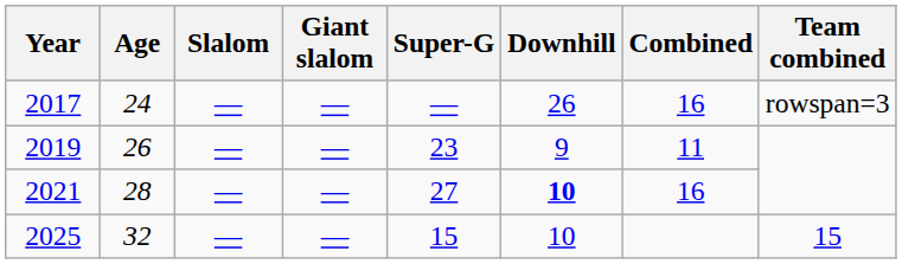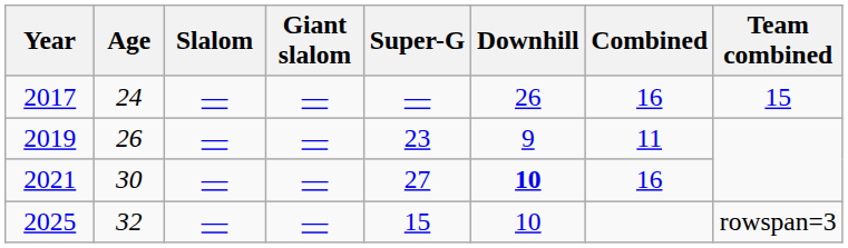 <table class=wikitable style="text-align:center">
 <tr>
 <th>  Year  </th>
 <th> Age </th>
 <th> Slalom </th>
 <th> Giant <br> slalom </th>
 <th>Super-G</th>
 <th>Downhill</th>
 <th>Combined</th>
 <th>Team<br>combined</th>
 </tr>
 <tr>
 <td><a href='#'>2017</a></td>
 <td><em>24</em></td>
 <td><a href='#'>—</a></td>
 <td><a href='#'>—</a></td>
 <td><a href='#'>—</a></td>
 <td><a href='#'>26</a></td>
 <td><a href='#'>16</a></td>
-<td>rowspan=3 </td>
+<td><a href='#'>15</a></td>
 </tr>
 <tr>
 <td><a href='#'>2019</a></td>
 <td><em>26</em></td>
 <td><a href='#'>—</a></td>
 <td><a href='#'>—</a></td>
 <td><a href='#'>23</a></td>
 <td><a href='#'>9</a></td>
 <td><a href='#'>11</a></td>
 </tr>
 <tr>
 <td><a href='#'>2021</a></td>
-<td><em>28</em></td>
+<td><em>30</em></td>
 <td><a href='#'>—</a></td>
 <td><a href='#'>—</a></td>
 <td><a href='#'>27</a></td>
 <td><strong><a href='#'>10</a></strong></td>
 <td><a href='#'>16</a></td>
 </tr>
 <tr>
 <td><a href='#'>2025</a></td>
 <td><em>32</em></td>
 <td><a href='#'>—</a></td>
 <td><a href='#'>—</a></td>
 <td><a href='#'>15</a></td>
 <td><a href='#'>10</a></td>
 <td></td>
-<td><a href='#'>15</a></td>
+<td>rowspan=3 </td>
 </tr>
 </table>
